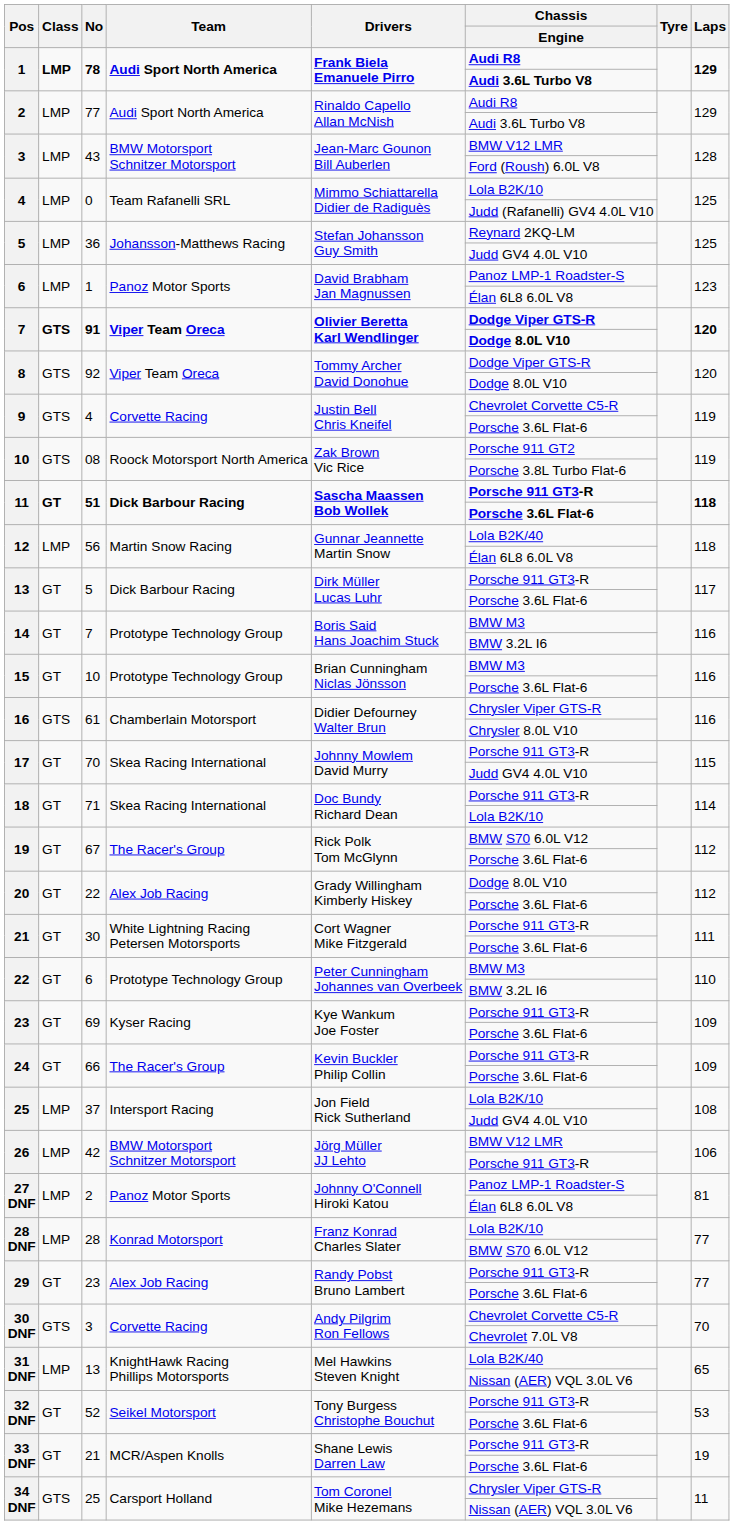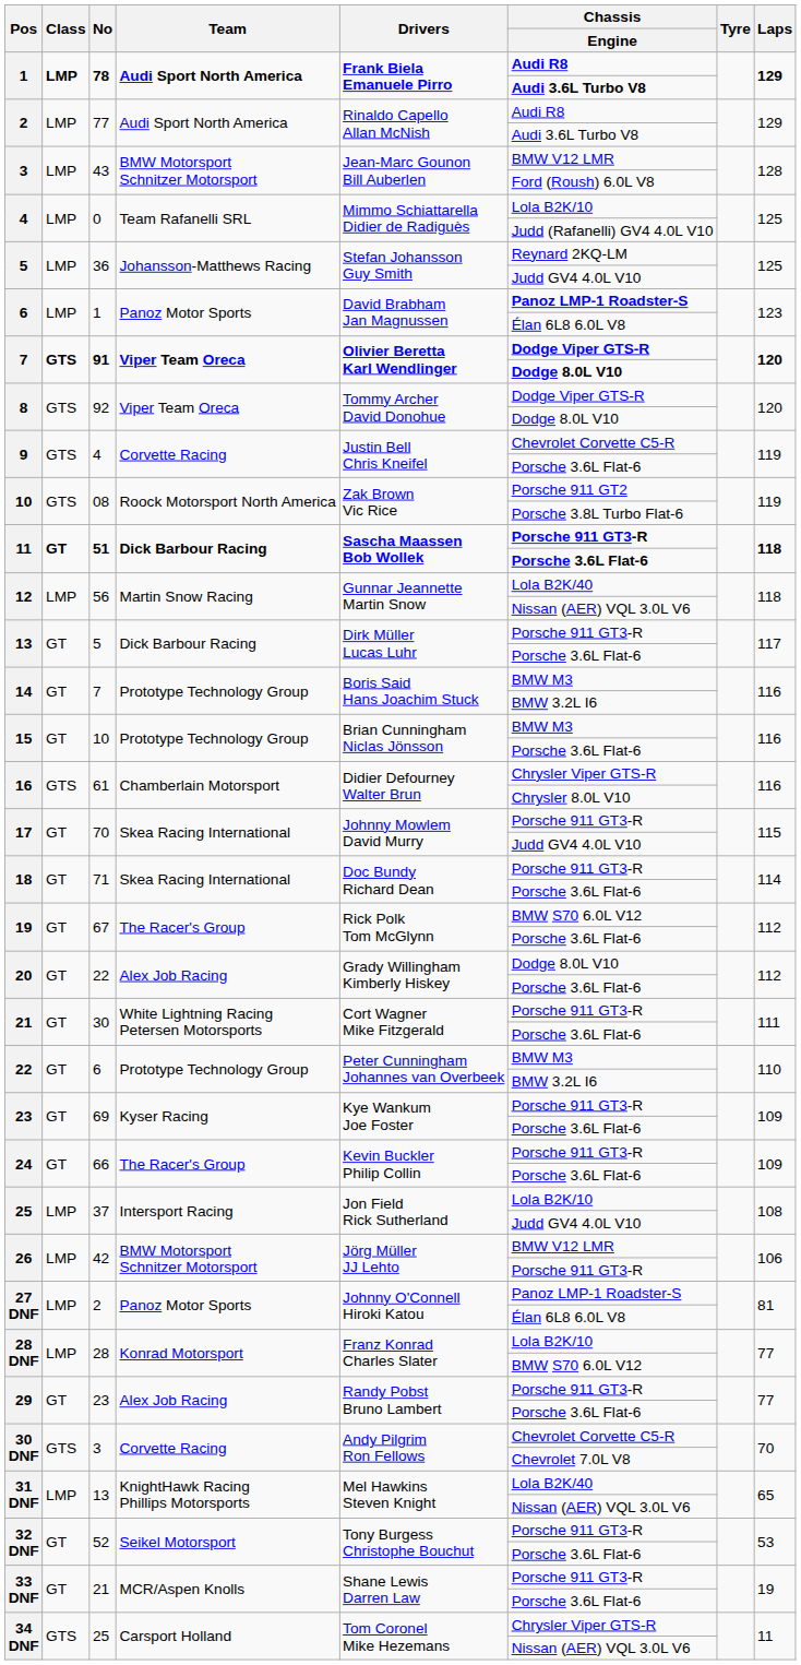 <table class="wikitable" style="font-size: 95%;">
 <tr>
 <th rowspan=2>Pos</th>
 <th rowspan=2>Class</th>
 <th rowspan=2>No</th>
 <th rowspan=2>Team</th>
 <th rowspan=2>Drivers</th>
 <th>Chassis</th>
 <th rowspan=2>Tyre</th>
 <th rowspan=2>Laps</th>
 </tr>
 <tr>
 <th>Engine</th>
 </tr>
 <tr style="font-weight:bold">
 <th rowspan=2>1</th>
 <td rowspan=2>LMP</td>
 <td rowspan=2>78</td>
 <td rowspan=2> <a href='#'>Audi</a> Sport North America</td>
 <td rowspan=2> <a href='#'>Frank Biela</a><br> <a href='#'>Emanuele Pirro</a></td>
 <td><a href='#'>Audi R8</a></td>
 <td rowspan=2></td>
 <td rowspan=2>129</td>
 </tr>
 <tr style="font-weight:bold">
 <td><a href='#'>Audi</a> 3.6L Turbo V8</td>
 </tr>
 <tr>
 <th rowspan=2>2</th>
 <td rowspan=2>LMP</td>
 <td rowspan=2>77</td>
 <td rowspan=2> <a href='#'>Audi</a> Sport North America</td>
 <td rowspan=2> <a href='#'>Rinaldo Capello</a><br> <a href='#'>Allan McNish</a></td>
 <td><a href='#'>Audi R8</a></td>
 <td rowspan=2></td>
 <td rowspan=2>129</td>
 </tr>
 <tr>
 <td><a href='#'>Audi</a> 3.6L Turbo V8</td>
 </tr>
 <tr>
 <th rowspan=2>3</th>
 <td rowspan=2>LMP</td>
 <td rowspan=2>43</td>
 <td rowspan=2> <a href='#'>BMW Motorsport</a><br> <a href='#'>Schnitzer Motorsport</a></td>
 <td rowspan=2> <a href='#'>Jean-Marc Gounon</a><br> <a href='#'>Bill Auberlen</a></td>
 <td><a href='#'>BMW V12 LMR</a></td>
 <td rowspan=2></td>
 <td rowspan=2>128</td>
 </tr>
 <tr>
 <td><a href='#'>Ford</a> (<a href='#'>Roush</a>) 6.0L V8</td>
 </tr>
 <tr>
 <th rowspan=2>4</th>
 <td rowspan=2>LMP</td>
 <td rowspan=2>0</td>
 <td rowspan=2> Team Rafanelli SRL</td>
 <td rowspan=2> <a href='#'>Mimmo Schiattarella</a><br> <a href='#'>Didier de Radiguès</a></td>
 <td><a href='#'>Lola B2K/10</a></td>
 <td rowspan=2></td>
 <td rowspan=2>125</td>
 </tr>
 <tr>
 <td><a href='#'>Judd</a> (Rafanelli) GV4 4.0L V10</td>
 </tr>
 <tr>
 <th rowspan=2>5</th>
 <td rowspan=2>LMP</td>
 <td rowspan=2>36</td>
 <td rowspan=2> <a href='#'>Johansson</a>-Matthews Racing</td>
 <td rowspan=2> <a href='#'>Stefan Johansson</a><br> <a href='#'>Guy Smith</a></td>
 <td><a href='#'>Reynard</a> 2KQ-LM</td>
 <td rowspan=2></td>
 <td rowspan=2>125</td>
 </tr>
 <tr>
 <td><a href='#'>Judd</a> GV4 4.0L V10</td>
 </tr>
 <tr>
 <th rowspan=2>6</th>
 <td rowspan=2>LMP</td>
 <td rowspan=2>1</td>
 <td rowspan=2> <a href='#'>Panoz</a> Motor Sports</td>
 <td rowspan=2> <a href='#'>David Brabham</a><br> <a href='#'>Jan Magnussen</a></td>
-<td><a href='#'>Panoz LMP-1 Roadster-S</a></td>
+<td><strong><a href='#'>Panoz LMP-1 Roadster-S</a></strong></td>
 <td rowspan=2></td>
 <td rowspan=2>123</td>
 </tr>
 <tr>
 <td><a href='#'>Élan</a> 6L8 6.0L V8</td>
 </tr>
 <tr style="font-weight:bold">
 <th rowspan=2>7</th>
 <td rowspan=2>GTS</td>
 <td rowspan=2>91</td>
 <td rowspan=2> <a href='#'>Viper</a> Team <a href='#'>Oreca</a></td>
 <td rowspan=2> <a href='#'>Olivier Beretta</a><br> <a href='#'>Karl Wendlinger</a></td>
 <td><a href='#'>Dodge Viper GTS-R</a></td>
 <td rowspan=2></td>
 <td rowspan=2>120</td>
 </tr>
 <tr style="font-weight:bold">
 <td><a href='#'>Dodge</a> 8.0L V10</td>
 </tr>
 <tr>
 <th rowspan=2>8</th>
 <td rowspan=2>GTS</td>
 <td rowspan=2>92</td>
 <td rowspan=2> <a href='#'>Viper</a> Team <a href='#'>Oreca</a></td>
 <td rowspan=2> <a href='#'>Tommy Archer</a><br> <a href='#'>David Donohue</a></td>
 <td><a href='#'>Dodge Viper GTS-R</a></td>
 <td rowspan=2></td>
 <td rowspan=2>120</td>
 </tr>
 <tr>
 <td><a href='#'>Dodge</a> 8.0L V10</td>
 </tr>
 <tr>
 <th rowspan=2>9</th>
 <td rowspan=2>GTS</td>
 <td rowspan=2>4</td>
 <td rowspan=2> <a href='#'>Corvette Racing</a></td>
 <td rowspan=2> <a href='#'>Justin Bell</a><br> <a href='#'>Chris Kneifel</a></td>
 <td><a href='#'>Chevrolet Corvette C5-R</a></td>
 <td rowspan=2></td>
 <td rowspan=2>119</td>
 </tr>
 <tr>
 <td><a href='#'>Porsche</a> 3.6L Flat-6</td>
 </tr>
 <tr>
 <th rowspan=2>10</th>
 <td rowspan=2>GTS</td>
 <td rowspan=2>08</td>
 <td rowspan=2> Roock Motorsport North America</td>
 <td rowspan=2> <a href='#'>Zak Brown</a><br> Vic Rice</td>
 <td><a href='#'>Porsche 911 GT2</a></td>
 <td rowspan=2></td>
 <td rowspan=2>119</td>
 </tr>
 <tr>
 <td><a href='#'>Porsche</a> 3.8L Turbo Flat-6</td>
 </tr>
 <tr style="font-weight:bold">
 <th rowspan=2>11</th>
 <td rowspan=2>GT</td>
 <td rowspan=2>51</td>
 <td rowspan=2> Dick Barbour Racing</td>
 <td rowspan=2> <a href='#'>Sascha Maassen</a><br> <a href='#'>Bob Wollek</a></td>
 <td><a href='#'>Porsche 911 GT3</a>-R</td>
 <td rowspan=2></td>
 <td rowspan=2>118</td>
 </tr>
 <tr style="font-weight:bold">
 <td><a href='#'>Porsche</a> 3.6L Flat-6</td>
 </tr>
 <tr>
 <th rowspan=2>12</th>
 <td rowspan=2>LMP</td>
 <td rowspan=2>56</td>
 <td rowspan=2> Martin Snow Racing</td>
 <td rowspan=2> <a href='#'>Gunnar Jeannette</a><br> Martin Snow</td>
 <td><a href='#'>Lola B2K/40</a></td>
 <td rowspan=2></td>
 <td rowspan=2>118</td>
 </tr>
 <tr>
-<td><a href='#'>Élan</a> 6L8 6.0L V8</td>
+<td><a href='#'>Nissan</a> (<a href='#'>AER</a>) VQL 3.0L V6</td>
 </tr>
 <tr>
 <th rowspan=2>13</th>
 <td rowspan=2>GT</td>
 <td rowspan=2>5</td>
 <td rowspan=2> Dick Barbour Racing</td>
 <td rowspan=2> <a href='#'>Dirk Müller</a><br> <a href='#'>Lucas Luhr</a></td>
 <td><a href='#'>Porsche 911 GT3</a>-R</td>
 <td rowspan=2></td>
 <td rowspan=2>117</td>
 </tr>
 <tr>
 <td><a href='#'>Porsche</a> 3.6L Flat-6</td>
 </tr>
 <tr>
 <th rowspan=2>14</th>
 <td rowspan=2>GT</td>
 <td rowspan=2>7</td>
 <td rowspan=2> Prototype Technology Group</td>
 <td rowspan=2> <a href='#'>Boris Said</a><br> <a href='#'>Hans Joachim Stuck</a></td>
 <td><a href='#'>BMW M3</a></td>
 <td rowspan=2></td>
 <td rowspan=2>116</td>
 </tr>
 <tr>
 <td><a href='#'>BMW</a> 3.2L I6</td>
 </tr>
 <tr>
 <th rowspan=2>15</th>
 <td rowspan=2>GT</td>
 <td rowspan=2>10</td>
 <td rowspan=2> Prototype Technology Group</td>
 <td rowspan=2> Brian Cunningham<br> <a href='#'>Niclas Jönsson</a></td>
 <td><a href='#'>BMW M3</a></td>
 <td rowspan=2></td>
 <td rowspan=2>116</td>
 </tr>
 <tr>
 <td><a href='#'>Porsche</a> 3.6L Flat-6</td>
 </tr>
 <tr>
 <th rowspan=2>16</th>
 <td rowspan=2>GTS</td>
 <td rowspan=2>61</td>
 <td rowspan=2> Chamberlain Motorsport</td>
 <td rowspan=2> Didier Defourney<br> <a href='#'>Walter Brun</a></td>
 <td><a href='#'>Chrysler Viper GTS-R</a></td>
 <td rowspan=2></td>
 <td rowspan=2>116</td>
 </tr>
 <tr>
 <td><a href='#'>Chrysler</a> 8.0L V10</td>
 </tr>
 <tr>
 <th rowspan=2>17</th>
 <td rowspan=2>GT</td>
 <td rowspan=2>70</td>
 <td rowspan=2> Skea Racing International</td>
 <td rowspan=2> <a href='#'>Johnny Mowlem</a><br> David Murry</td>
 <td><a href='#'>Porsche 911 GT3</a>-R</td>
 <td rowspan=2></td>
 <td rowspan=2>115</td>
 </tr>
 <tr>
 <td><a href='#'>Judd</a> GV4 4.0L V10</td>
 </tr>
 <tr>
 <th rowspan=2>18</th>
 <td rowspan=2>GT</td>
 <td rowspan=2>71</td>
 <td rowspan=2> Skea Racing International</td>
 <td rowspan=2> <a href='#'>Doc Bundy</a><br> Richard Dean</td>
 <td><a href='#'>Porsche 911 GT3</a>-R</td>
 <td rowspan=2></td>
 <td rowspan=2>114</td>
 </tr>
 <tr>
-<td><a href='#'>Lola B2K/10</a></td>
+<td><a href='#'>Porsche</a> 3.6L Flat-6</td>
 </tr>
 <tr>
 <th rowspan=2>19</th>
 <td rowspan=2>GT</td>
 <td rowspan=2>67</td>
 <td rowspan=2> <a href='#'>The Racer's Group</a></td>
 <td rowspan=2> Rick Polk<br> Tom McGlynn</td>
 <td><a href='#'>BMW</a> <a href='#'>S70</a> 6.0L V12</td>
 <td rowspan=2></td>
 <td rowspan=2>112</td>
 </tr>
 <tr>
 <td><a href='#'>Porsche</a> 3.6L Flat-6</td>
 </tr>
 <tr>
 <th rowspan=2>20</th>
 <td rowspan=2>GT</td>
 <td rowspan=2>22</td>
 <td rowspan=2> <a href='#'>Alex Job Racing</a></td>
 <td rowspan=2> Grady Willingham<br> Kimberly Hiskey</td>
 <td><a href='#'>Dodge</a> 8.0L V10</td>
 <td rowspan=2></td>
 <td rowspan=2>112</td>
 </tr>
 <tr>
 <td><a href='#'>Porsche</a> 3.6L Flat-6</td>
 </tr>
 <tr>
 <th rowspan=2>21</th>
 <td rowspan=2>GT</td>
 <td rowspan=2>30</td>
 <td rowspan=2> White Lightning Racing<br> Petersen Motorsports</td>
 <td rowspan=2> Cort Wagner<br> Mike Fitzgerald</td>
 <td><a href='#'>Porsche 911 GT3</a>-R</td>
 <td rowspan=2></td>
 <td rowspan=2>111</td>
 </tr>
 <tr>
 <td><a href='#'>Porsche</a> 3.6L Flat-6</td>
 </tr>
 <tr>
 <th rowspan=2>22</th>
 <td rowspan=2>GT</td>
 <td rowspan=2>6</td>
 <td rowspan=2> Prototype Technology Group</td>
 <td rowspan=2> <a href='#'>Peter Cunningham</a><br> <a href='#'>Johannes van Overbeek</a></td>
 <td><a href='#'>BMW M3</a></td>
 <td rowspan=2></td>
 <td rowspan=2>110</td>
 </tr>
 <tr>
 <td><a href='#'>BMW</a> 3.2L I6</td>
 </tr>
 <tr>
 <th rowspan=2>23</th>
 <td rowspan=2>GT</td>
 <td rowspan=2>69</td>
 <td rowspan=2> Kyser Racing</td>
 <td rowspan=2> Kye Wankum<br> Joe Foster</td>
 <td><a href='#'>Porsche 911 GT3</a>-R</td>
 <td rowspan=2></td>
 <td rowspan=2>109</td>
 </tr>
 <tr>
 <td><a href='#'>Porsche</a> 3.6L Flat-6</td>
 </tr>
 <tr>
 <th rowspan=2>24</th>
 <td rowspan=2>GT</td>
 <td rowspan=2>66</td>
 <td rowspan=2> <a href='#'>The Racer's Group</a></td>
 <td rowspan=2> <a href='#'>Kevin Buckler</a><br> Philip Collin</td>
 <td><a href='#'>Porsche 911 GT3</a>-R</td>
 <td rowspan=2></td>
 <td rowspan=2>109</td>
 </tr>
 <tr>
 <td><a href='#'>Porsche</a> 3.6L Flat-6</td>
 </tr>
 <tr>
 <th rowspan=2>25</th>
 <td rowspan=2>LMP</td>
 <td rowspan=2>37</td>
 <td rowspan=2> Intersport Racing</td>
 <td rowspan=2> Jon Field<br> Rick Sutherland</td>
 <td><a href='#'>Lola B2K/10</a></td>
 <td rowspan=2></td>
 <td rowspan=2>108</td>
 </tr>
 <tr>
 <td><a href='#'>Judd</a> GV4 4.0L V10</td>
 </tr>
 <tr>
 <th rowspan=2>26</th>
 <td rowspan=2>LMP</td>
 <td rowspan=2>42</td>
 <td rowspan=2> <a href='#'>BMW Motorsport</a><br> <a href='#'>Schnitzer Motorsport</a></td>
 <td rowspan=2> <a href='#'>Jörg Müller</a><br> <a href='#'>JJ Lehto</a></td>
 <td><a href='#'>BMW V12 LMR</a></td>
 <td rowspan=2></td>
 <td rowspan=2>106</td>
 </tr>
 <tr>
 <td><a href='#'>Porsche 911 GT3</a>-R</td>
 </tr>
 <tr>
 <th rowspan=2>27<br>DNF</th>
 <td rowspan=2>LMP</td>
 <td rowspan=2>2</td>
 <td rowspan=2> <a href='#'>Panoz</a> Motor Sports</td>
 <td rowspan=2> <a href='#'>Johnny O'Connell</a><br> Hiroki Katou</td>
 <td><a href='#'>Panoz LMP-1 Roadster-S</a></td>
 <td rowspan=2></td>
 <td rowspan=2>81</td>
 </tr>
 <tr>
 <td><a href='#'>Élan</a> 6L8 6.0L V8</td>
 </tr>
 <tr>
 <th rowspan=2>28<br>DNF</th>
 <td rowspan=2>LMP</td>
 <td rowspan=2>28</td>
 <td rowspan=2> <a href='#'>Konrad Motorsport</a></td>
 <td rowspan=2> <a href='#'>Franz Konrad</a><br> Charles Slater</td>
 <td><a href='#'>Lola B2K/10</a></td>
 <td rowspan=2></td>
 <td rowspan=2>77</td>
 </tr>
 <tr>
 <td><a href='#'>BMW</a> <a href='#'>S70</a> 6.0L V12</td>
 </tr>
 <tr>
 <th rowspan=2>29</th>
 <td rowspan=2>GT</td>
 <td rowspan=2>23</td>
 <td rowspan=2> <a href='#'>Alex Job Racing</a></td>
 <td rowspan=2> <a href='#'>Randy Pobst</a><br> Bruno Lambert</td>
 <td><a href='#'>Porsche 911 GT3</a>-R</td>
 <td rowspan=2></td>
 <td rowspan=2>77</td>
 </tr>
 <tr>
 <td><a href='#'>Porsche</a> 3.6L Flat-6</td>
 </tr>
 <tr>
 <th rowspan=2>30<br>DNF</th>
 <td rowspan=2>GTS</td>
 <td rowspan=2>3</td>
 <td rowspan=2> <a href='#'>Corvette Racing</a></td>
 <td rowspan=2> <a href='#'>Andy Pilgrim</a><br> <a href='#'>Ron Fellows</a></td>
 <td><a href='#'>Chevrolet Corvette C5-R</a></td>
 <td rowspan=2></td>
 <td rowspan=2>70</td>
 </tr>
 <tr>
 <td><a href='#'>Chevrolet</a> 7.0L V8</td>
 </tr>
 <tr>
 <th rowspan=2>31<br>DNF</th>
 <td rowspan=2>LMP</td>
 <td rowspan=2>13</td>
 <td rowspan=2> KnightHawk Racing<br> Phillips Motorsports</td>
 <td rowspan=2> Mel Hawkins<br> Steven Knight</td>
 <td><a href='#'>Lola B2K/40</a></td>
 <td rowspan=2></td>
 <td rowspan=2>65</td>
 </tr>
 <tr>
 <td><a href='#'>Nissan</a> (<a href='#'>AER</a>) VQL 3.0L V6</td>
 </tr>
 <tr>
 <th rowspan=2>32<br>DNF</th>
 <td rowspan=2>GT</td>
 <td rowspan=2>52</td>
 <td rowspan=2> <a href='#'>Seikel Motorsport</a></td>
 <td rowspan=2> Tony Burgess<br> <a href='#'>Christophe Bouchut</a></td>
 <td><a href='#'>Porsche 911 GT3</a>-R</td>
 <td rowspan=2></td>
 <td rowspan=2>53</td>
 </tr>
 <tr>
 <td><a href='#'>Porsche</a> 3.6L Flat-6</td>
 </tr>
 <tr>
 <th rowspan=2>33<br>DNF</th>
 <td rowspan=2>GT</td>
 <td rowspan=2>21</td>
 <td rowspan=2> MCR/Aspen Knolls</td>
 <td rowspan=2> Shane Lewis<br> <a href='#'>Darren Law</a></td>
 <td><a href='#'>Porsche 911 GT3</a>-R</td>
 <td rowspan=2></td>
 <td rowspan=2>19</td>
 </tr>
 <tr>
 <td><a href='#'>Porsche</a> 3.6L Flat-6</td>
 </tr>
 <tr>
 <th rowspan=2>34<br>DNF</th>
 <td rowspan=2>GTS</td>
 <td rowspan=2>25</td>
 <td rowspan=2> Carsport Holland</td>
 <td rowspan=2> <a href='#'>Tom Coronel</a><br> Mike Hezemans</td>
 <td><a href='#'>Chrysler Viper GTS-R</a></td>
 <td rowspan=2></td>
 <td rowspan=2>11</td>
 </tr>
 <tr>
 <td><a href='#'>Nissan</a> (<a href='#'>AER</a>) VQL 3.0L V6</td>
 </tr>
 </table>
